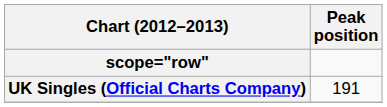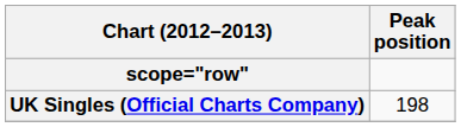 <table class="wikitable sortable plainrowheaders" style="text-align:center;">
 <tr>
 <th scope="col">Chart (2012–2013)</th>
 <th scope="col">Peak<br>position</th>
 </tr>
 <tr>
 <th>scope="row" </th>
 </tr>
 <tr>
 <th scope="row">UK Singles (<a href='#'>Official Charts Company</a>)</th>
-<td>191</td>
+<td>198</td>
 </tr>
 <tr>
 </tr>
 </table>
